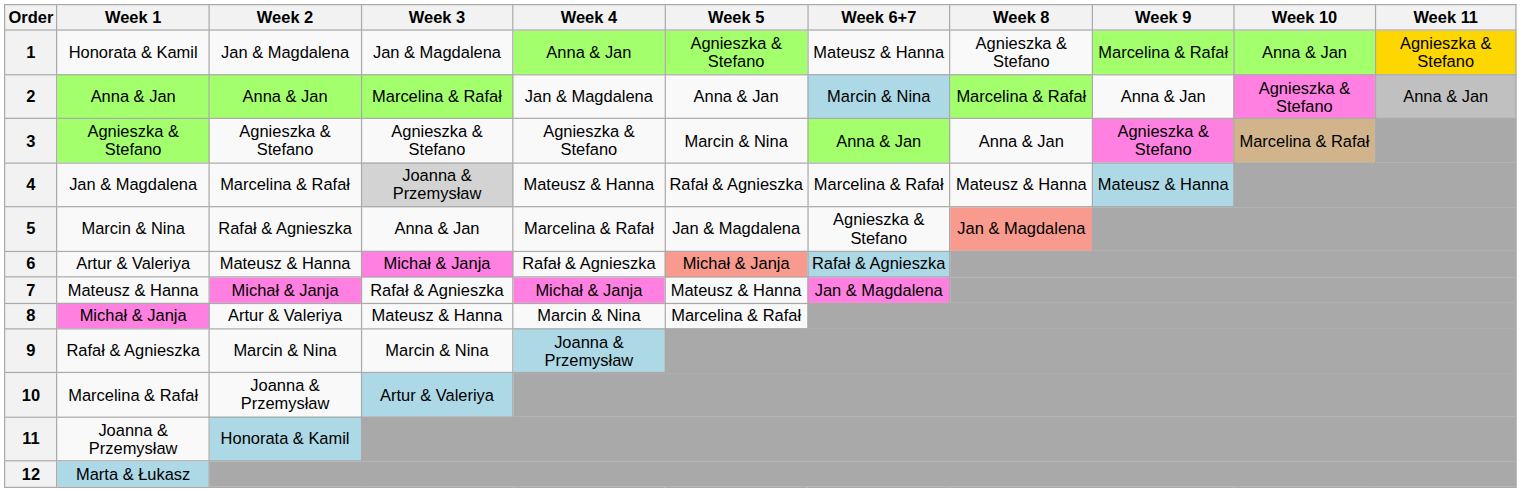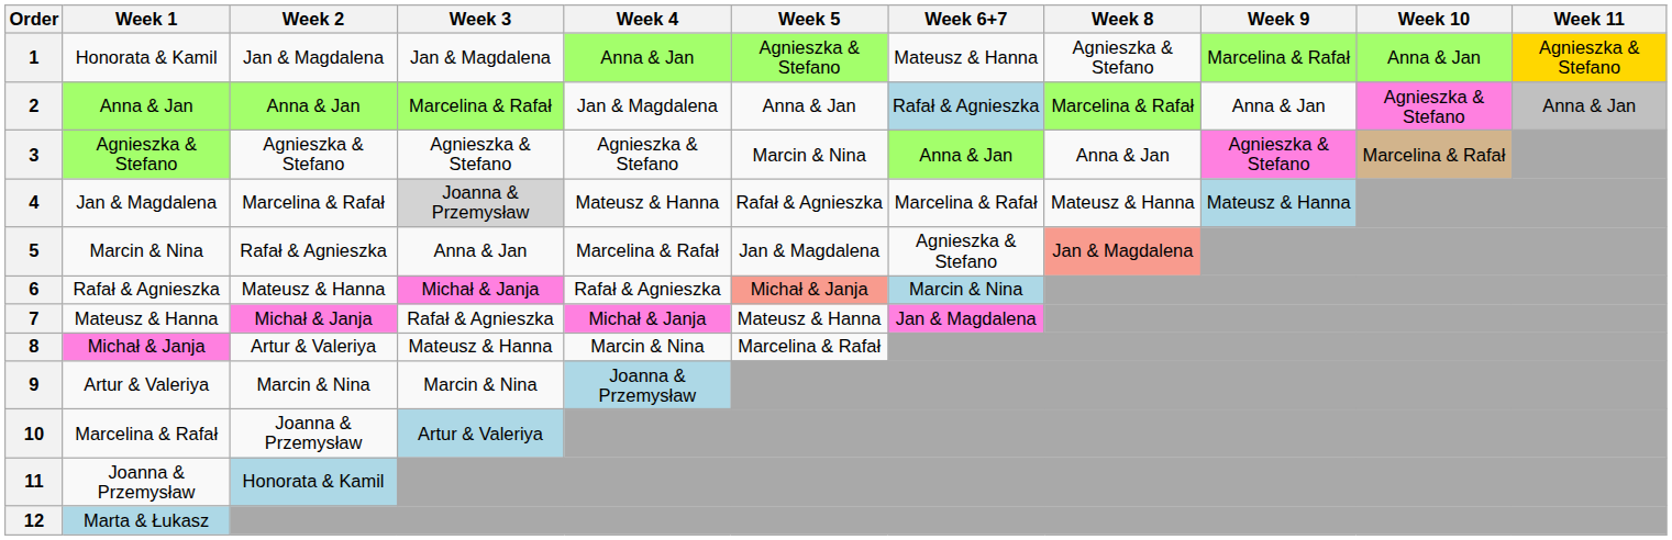 <table class="wikitable" style="font-size:85%; text-align:center">
 <tr>
 <th>Order</th>
 <th>Week 1</th>
 <th>Week 2</th>
 <th>Week 3</th>
 <th>Week 4</th>
 <th>Week 5</th>
 <th>Week 6+7</th>
 <th>Week 8</th>
 <th>Week 9</th>
 <th>Week 10</th>
 <th>Week 11</th>
 </tr>
 <tr>
 <th>1</th>
 <td>Honorata & Kamil</td>
 <td>Jan & Magdalena</td>
 <td>Jan & Magdalena</td>
 <td style="background:#A3FF6B;">Anna & Jan</td>
 <td style="background:#A3FF6B;">Agnieszka & Stefano</td>
 <td>Mateusz & Hanna</td>
 <td>Agnieszka & Stefano</td>
 <td style="background:#A3FF6B;">Marcelina & Rafał</td>
 <td style="background:#A3FF6B;">Anna & Jan</td>
 <td style="background:gold">Agnieszka & Stefano</td>
 </tr>
 <tr>
 <th>2</th>
 <td style="background:#A3FF6B;">Anna & Jan</td>
 <td style="background:#A3FF6B;">Anna & Jan</td>
 <td style="background:#A3FF6B;">Marcelina & Rafał</td>
 <td>Jan & Magdalena</td>
 <td>Anna & Jan</td>
-<td style="background:lightblue;">Marcin & Nina</td>
+<td style="background:lightblue;">Rafał & Agnieszka</td>
 <td style="background:#A3FF6B;">Marcelina & Rafał</td>
 <td>Anna & Jan</td>
 <td style="background:#FF80E0">Agnieszka & Stefano</td>
 <td style="background:silver">Anna & Jan</td>
 </tr>
 <tr>
 <th>3</th>
 <td style="background:#A3FF6B;">Agnieszka & Stefano</td>
 <td>Agnieszka & Stefano</td>
 <td>Agnieszka & Stefano</td>
 <td>Agnieszka & Stefano</td>
 <td>Marcin & Nina</td>
 <td style="background:#A3FF6B;">Anna & Jan</td>
 <td>Anna & Jan</td>
 <td style="background:#FF80E0;">Agnieszka & Stefano</td>
 <td style="background:tan">Marcelina & Rafał</td>
 <td style="background:darkgray" colspan="2"></td>
 </tr>
 <tr>
 <th>4</th>
 <td>Jan & Magdalena</td>
 <td>Marcelina & Rafał</td>
 <td style="background: lightgrey;">Joanna & Przemysław</td>
 <td>Mateusz & Hanna</td>
 <td>Rafał & Agnieszka</td>
 <td>Marcelina & Rafał</td>
 <td>Mateusz & Hanna</td>
 <td style="background:lightblue;">Mateusz & Hanna</td>
 <td style="background:darkgray" colspan="3"></td>
 </tr>
 <tr>
 <th>5</th>
 <td>Marcin & Nina</td>
 <td>Rafał & Agnieszka</td>
 <td>Anna & Jan</td>
 <td>Marcelina & Rafał</td>
 <td>Jan & Magdalena</td>
 <td>Agnieszka & Stefano</td>
 <td style="background:#F89B8E;">Jan & Magdalena</td>
 <td style="background:darkgray" colspan="4"></td>
 </tr>
 <tr>
 <th>6</th>
-<td>Artur & Valeriya</td>
+<td>Rafał & Agnieszka</td>
 <td>Mateusz & Hanna</td>
 <td style="background:#FF80E0;">Michał & Janja</td>
 <td>Rafał & Agnieszka</td>
 <td style="background:#F89B8E;">Michał & Janja</td>
-<td style="background:lightblue;">Rafał & Agnieszka</td>
+<td style="background:lightblue;">Marcin & Nina</td>
 <td style="background:darkgray" colspan="6"></td>
 </tr>
 <tr>
 <th>7</th>
 <td>Mateusz & Hanna</td>
 <td style="background:#FF80E0;">Michał & Janja</td>
 <td>Rafał & Agnieszka</td>
 <td style="background:#FF80E0;">Michał & Janja</td>
 <td>Mateusz & Hanna</td>
 <td style="background:#FF80E0;">Jan & Magdalena</td>
 <td style="background:darkgray" colspan="6"></td>
 </tr>
 <tr>
 <th>8</th>
 <td style="background:#FF80E0;">Michał & Janja</td>
 <td>Artur & Valeriya</td>
 <td>Mateusz & Hanna</td>
 <td>Marcin & Nina</td>
 <td>Marcelina & Rafał</td>
 <td style="background:darkgray" colspan="7"></td>
 </tr>
 <tr>
 <th>9</th>
-<td>Rafał & Agnieszka</td>
+<td>Artur & Valeriya</td>
 <td>Marcin & Nina</td>
 <td>Marcin & Nina</td>
 <td style="background:lightblue;">Joanna & Przemysław</td>
 <td style="background:darkgray" colspan="8"></td>
 </tr>
 <tr>
 <th>10</th>
 <td>Marcelina & Rafał</td>
 <td>Joanna & Przemysław</td>
 <td style="background:lightblue;">Artur & Valeriya</td>
 <td style="background:darkgray" colspan="10"></td>
 </tr>
 <tr>
 <th>11</th>
 <td>Joanna & Przemysław</td>
 <td style="background:lightblue;">Honorata & Kamil</td>
 <td style="background:darkgray" colspan="11"></td>
 </tr>
 <tr>
 <th>12</th>
 <td style="background:lightblue;">Marta & Łukasz</td>
 <td style="background:darkgray" colspan="12"></td>
 </tr>
 </table>
